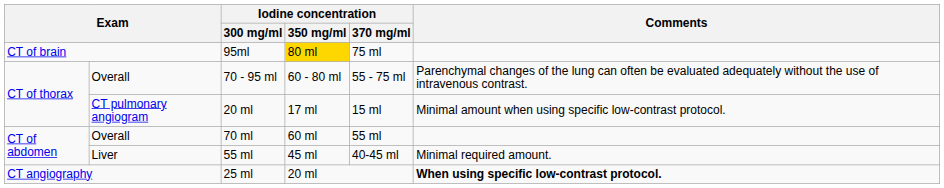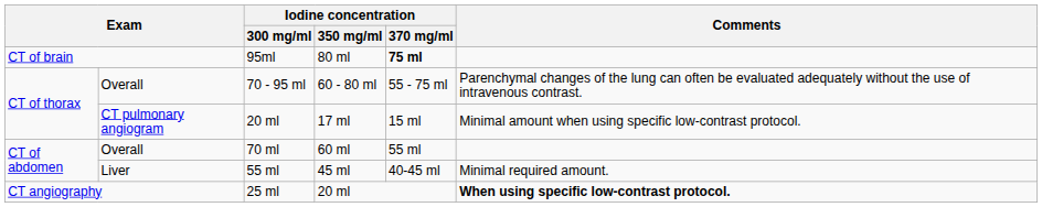 <table class="wikitable">
 <tr>
 <th colspan=2 rowspan=2>Exam</th>
 <th colspan=3>Iodine concentration</th>
 <th rowspan=2>Comments</th>
 </tr>
 <tr>
 <th>300 mg/ml</th>
 <th>350 mg/ml</th>
 <th>370 mg/ml</th>
 </tr>
 <tr>
 <td colspan=2><a href='#'>CT of brain</a></td>
 <td>95ml</td>
-<td style="background: gold;">80 ml</td>
-<td>75 ml</td>
+<td>80 ml</td>
+<td><strong>75 ml</strong></td>
 <td></td>
 </tr>
 <tr>
 <td rowspan=2><a href='#'>CT of thorax</a></td>
 <td>Overall</td>
 <td>70 - 95 ml</td>
 <td>60 - 80 ml</td>
 <td>55 - 75 ml</td>
 <td>Parenchymal changes of the lung can often be evaluated adequately without the use of intravenous contrast.</td>
 </tr>
 <tr>
 <td><a href='#'>CT pulmonary angiogram</a></td>
 <td>20 ml</td>
 <td>17 ml</td>
 <td>15 ml</td>
 <td>Minimal amount when using specific low-contrast protocol.</td>
 </tr>
 <tr>
 <td rowspan=2><a href='#'>CT of abdomen</a></td>
 <td>Overall</td>
 <td>70 ml</td>
 <td>60 ml</td>
 <td>55 ml</td>
 <td></td>
 </tr>
 <tr>
 <td>Liver</td>
 <td>55 ml</td>
 <td>45 ml</td>
 <td>40-45 ml</td>
 <td>Minimal required amount.</td>
 </tr>
 <tr>
 <td colspan=2><a href='#'>CT angiography</a></td>
 <td>25 ml</td>
 <td colspan=2>20 ml</td>
 <td><strong>When using specific low-contrast protocol.</strong></td>
 </tr>
 </table>
